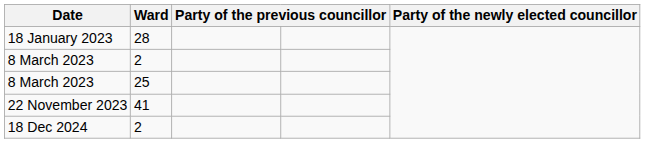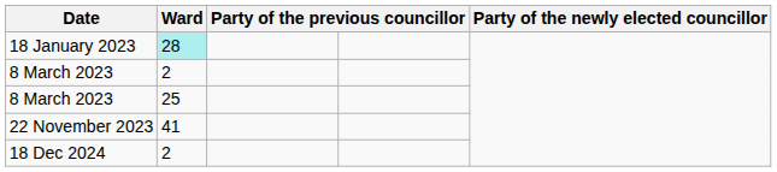 <table class="wikitable">
 <tr>
 <th>Date</th>
 <th>Ward</th>
 <th colspan=2>Party of the previous councillor</th>
 <th colspan=2>Party of the newly elected councillor</th>
 </tr>
 <tr>
 <td>18 January 2023</td>
-<td>28</td>
+<td style="background: paleturquoise;">28</td>
 <td></td>
 <td></td>
 </tr>
 <tr>
 <td>8 March 2023</td>
 <td>2</td>
 <td></td>
 <td></td>
 </tr>
 <tr>
 <td>8 March 2023</td>
 <td>25</td>
 <td></td>
 <td></td>
 </tr>
 <tr>
 <td>22 November 2023</td>
 <td>41</td>
 <td></td>
 <td></td>
 </tr>
 <tr>
 <td>18 Dec 2024</td>
 <td>2</td>
 <td></td>
 <td></td>
 </tr>
 </table>
